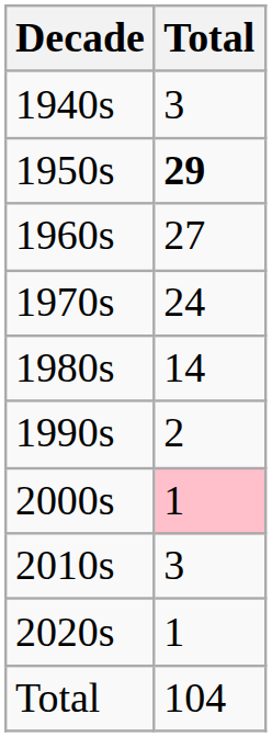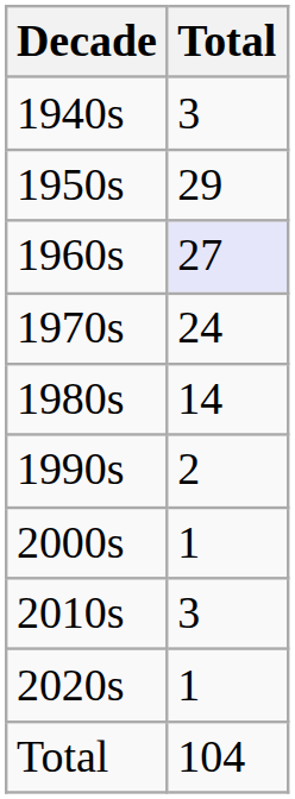 <table class="wikitable">
 <tr>
 <th>Decade</th>
 <th>Total</th>
 </tr>
 <tr>
 <td>1940s</td>
 <td>3</td>
 </tr>
 <tr>
 <td>1950s</td>
-<td><strong>29</strong></td>
+<td>29</td>
 </tr>
 <tr>
 <td>1960s</td>
-<td>27</td>
+<td style="background: lavender;">27</td>
 </tr>
 <tr>
 <td>1970s</td>
 <td>24</td>
 </tr>
 <tr>
 <td>1980s</td>
 <td>14</td>
 </tr>
 <tr>
 <td>1990s</td>
 <td>2</td>
 </tr>
 <tr>
 <td>2000s</td>
-<td style="background: pink;">1</td>
+<td>1</td>
 </tr>
 <tr>
 <td>2010s</td>
 <td>3</td>
 </tr>
 <tr>
 <td>2020s</td>
 <td>1</td>
 </tr>
 <tr>
 <td>Total</td>
 <td>104</td>
 </tr>
 </table>
